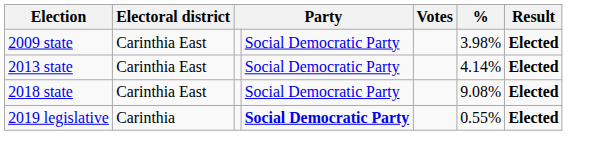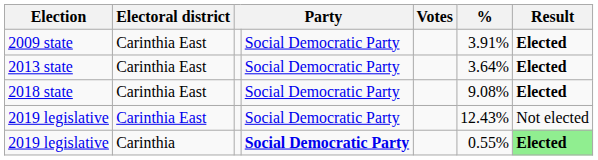 <table class="wikitable" style="text-align:left;">
 <tr>
 <th scope=col>Election</th>
 <th scope=col>Electoral district</th>
 <th scope=col colspan="2">Party</th>
 <th scope=col>Votes</th>
 <th scope=col>%</th>
 <th scope=col>Result</th>
 </tr>
 <tr>
 <td><a href='#'>2009 state</a></td>
 <td>Carinthia East</td>
 <td style="background:"></td>
 <td><a href='#'>Social Democratic Party</a></td>
 <td align=right></td>
-<td align=right>3.98%</td>
+<td align=right>3.91%</td>
 <td><strong>Elected</strong></td>
 </tr>
 <tr>
 <td><a href='#'>2013 state</a></td>
 <td>Carinthia East</td>
 <td style="background:"></td>
 <td><a href='#'>Social Democratic Party</a></td>
 <td align=right></td>
-<td align=right>4.14%</td>
+<td align=right>3.64%</td>
 <td><strong>Elected</strong></td>
 </tr>
 <tr>
 <td><a href='#'>2018 state</a></td>
 <td>Carinthia East</td>
 <td style="background:"></td>
 <td><a href='#'>Social Democratic Party</a></td>
 <td align=right></td>
 <td align=right>9.08%</td>
 <td><strong>Elected</strong></td>
 </tr>
 <tr>
 <td><a href='#'>2019 legislative</a></td>
+<td><a href='#'>Carinthia East</a></td>
+<td style="background:"></td>
+<td><a href='#'>Social Democratic Party</a></td>
+<td align=right></td>
+<td align=right>12.43%</td>
+<td>Not elected</td>
+</tr>
+<tr>
+<td><a href='#'>2019 legislative</a></td>
 <td>Carinthia</td>
 <td style="background:"></td>
 <td><strong><a href='#'>Social Democratic Party</a></strong></td>
 <td align=right></td>
 <td align=right>0.55%</td>
-<td><strong>Elected</strong></td>
+<td style="background: lightgreen;"><strong>Elected</strong></td>
 </tr>
 </table>
